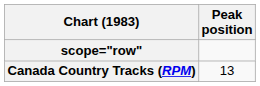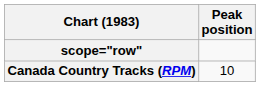 <table class="wikitable plainrowheaders" style="text-align:center;">
 <tr>
 <th scope="col">Chart (1983)</th>
 <th scope="col">Peak<br>position</th>
 </tr>
 <tr>
 <th>scope="row"</th>
 </tr>
 <tr>
 <th scope="row">Canada Country Tracks (<em><a href='#'>RPM</a></em>)</th>
-<td>13</td>
+<td>10</td>
 </tr>
 </table>
